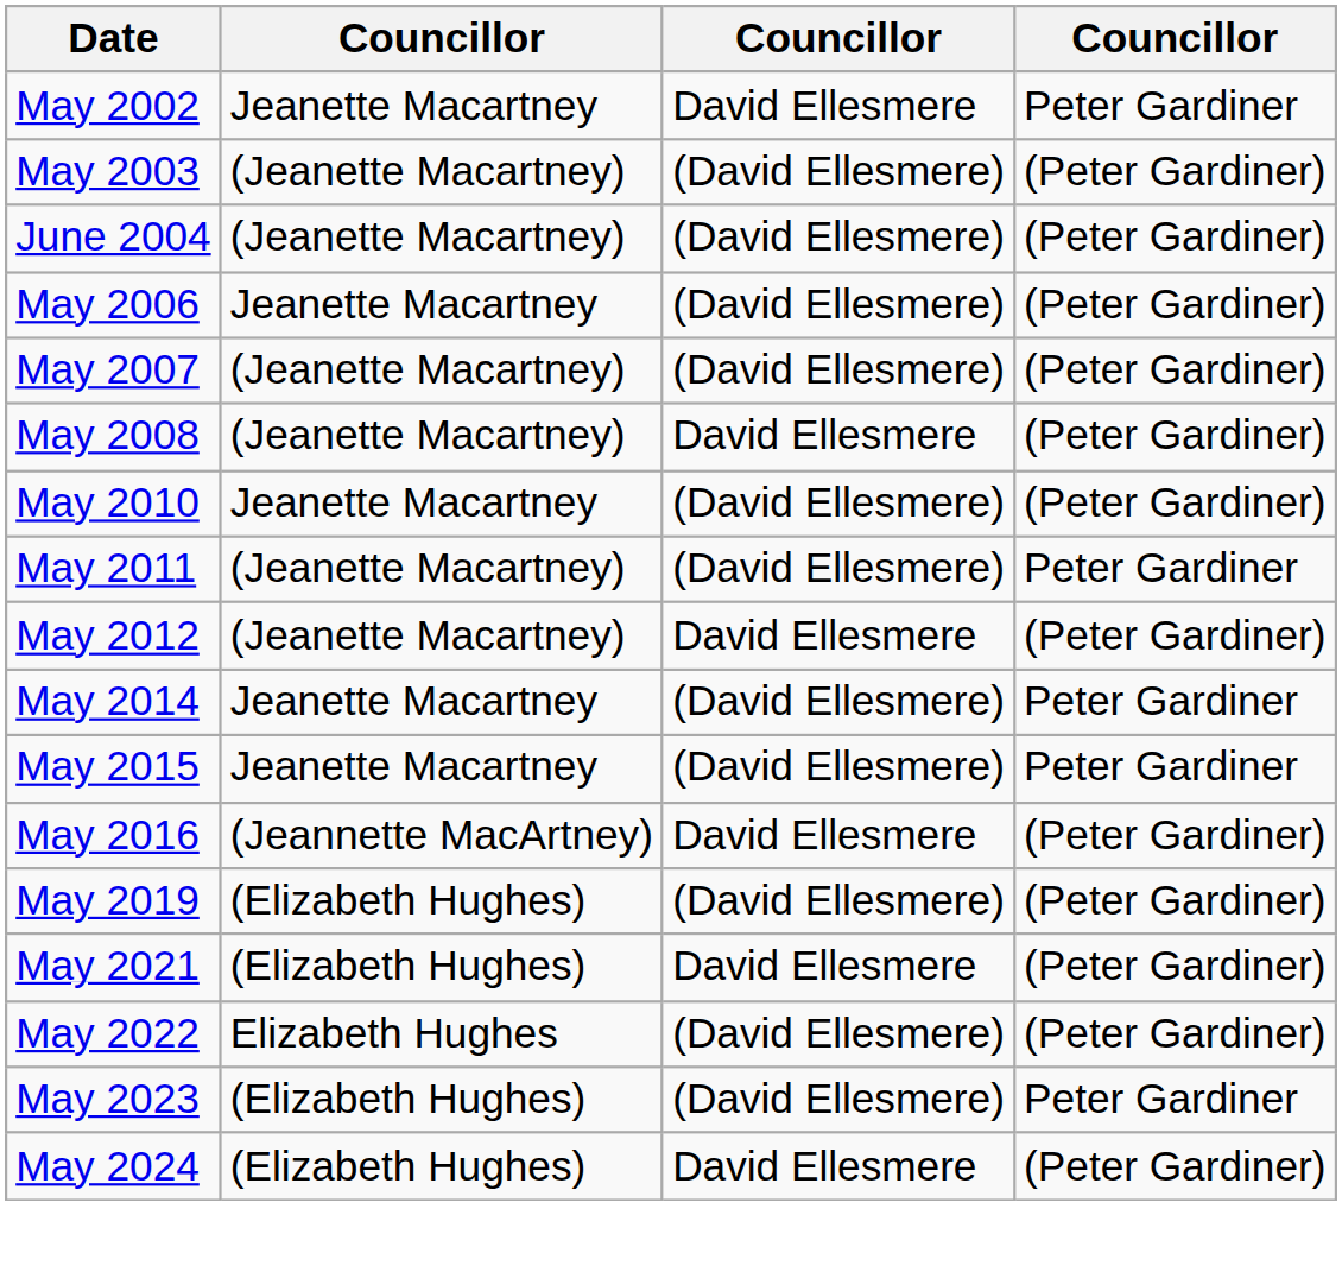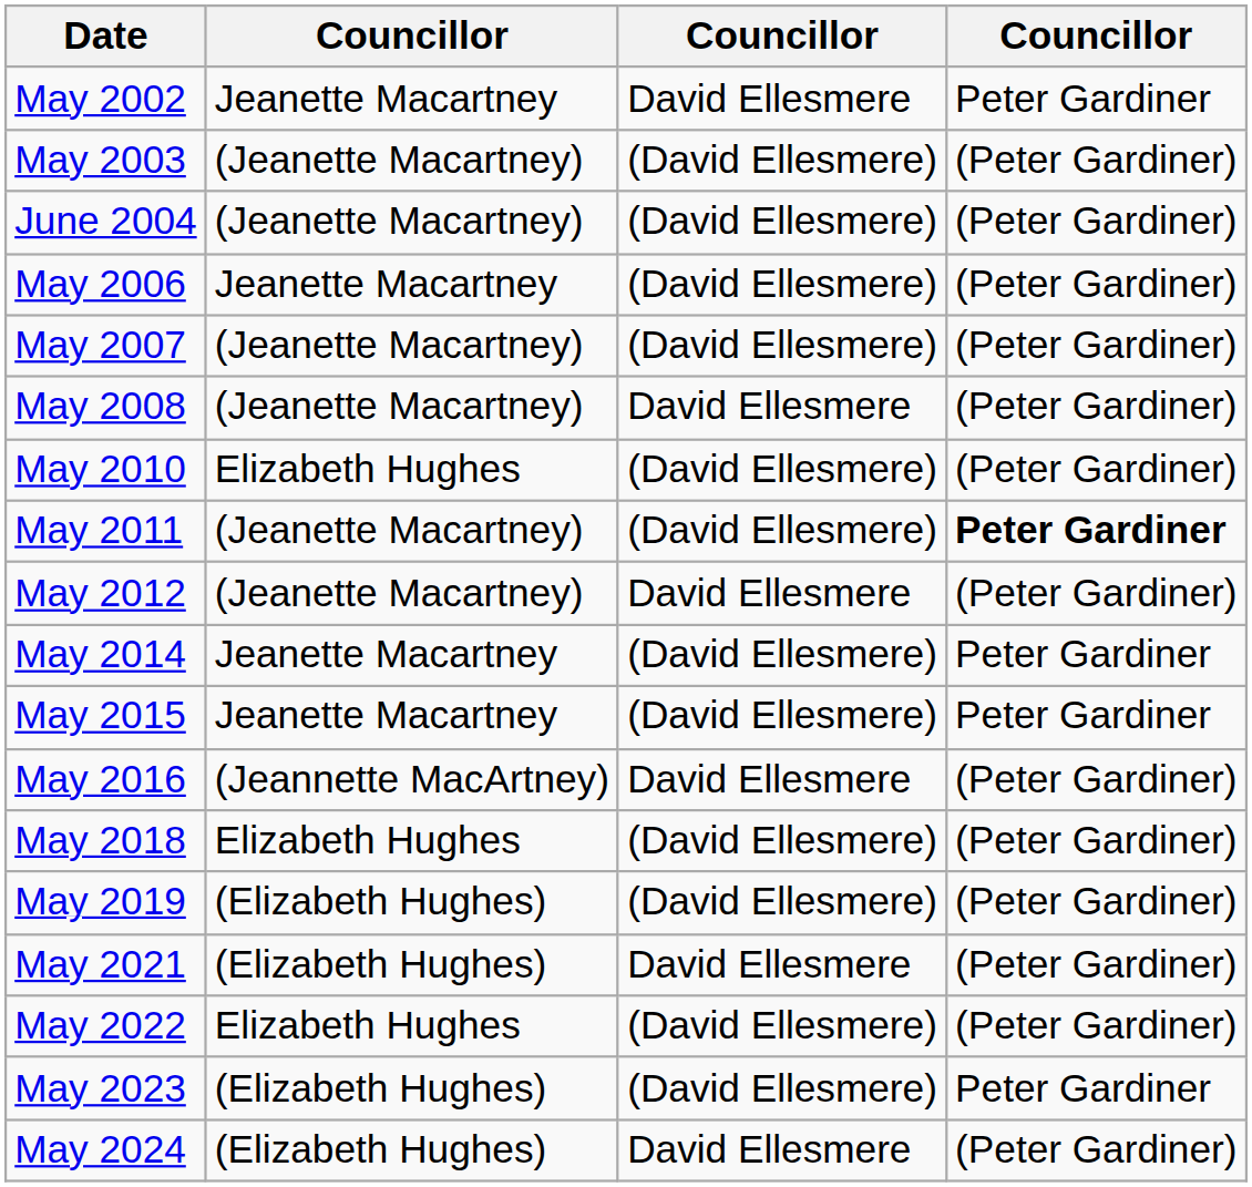 <table class="wikitable">
 <tr>
 <th>Date</th>
 <th>Councillor</th>
 <th>Councillor</th>
 <th>Councillor</th>
 </tr>
 <tr>
 <td><a href='#'>May 2002</a></td>
 <td ! style="background-color:">Jeanette Macartney</td>
 <td ! style="background-color:">David Ellesmere</td>
 <td ! style="background-color:">Peter Gardiner</td>
 </tr>
 <tr>
 <td><a href='#'>May 2003</a></td>
 <td ! style="background-color:">(Jeanette Macartney)</td>
 <td ! style="background-color:">(David Ellesmere)</td>
 <td ! style="background-color:">(Peter Gardiner)</td>
 </tr>
 <tr>
 <td><a href='#'>June 2004</a></td>
 <td ! style="background-color:">(Jeanette Macartney)</td>
 <td ! style="background-color:">(David Ellesmere)</td>
 <td ! style="background-color:">(Peter Gardiner)</td>
 </tr>
 <tr>
 <td><a href='#'>May 2006</a></td>
 <td ! style="background-color:">Jeanette Macartney</td>
 <td ! style="background-color:">(David Ellesmere)</td>
 <td ! style="background-color:">(Peter Gardiner)</td>
 </tr>
 <tr>
 <td><a href='#'>May 2007</a></td>
 <td ! style="background-color:">(Jeanette Macartney)</td>
 <td ! style="background-color:">(David Ellesmere)</td>
 <td ! style="background-color:">(Peter Gardiner)</td>
 </tr>
 <tr>
 <td><a href='#'>May 2008</a></td>
 <td ! style="background-color:">(Jeanette Macartney)</td>
 <td ! style="background-color:">David Ellesmere</td>
 <td ! style="background-color:">(Peter Gardiner)</td>
 </tr>
 <tr>
 <td><a href='#'>May 2010</a></td>
-<td ! style="background-color:">Jeanette Macartney</td>
+<td ! style="background-color:">Elizabeth Hughes</td>
 <td ! style="background-color:">(David Ellesmere)</td>
 <td ! style="background-color:">(Peter Gardiner)</td>
 </tr>
 <tr>
 <td><a href='#'>May 2011</a></td>
 <td ! style="background-color:">(Jeanette Macartney)</td>
 <td ! style="background-color:">(David Ellesmere)</td>
-<td ! style="background-color:">Peter Gardiner</td>
+<td ! style="background-color:"><strong>Peter Gardiner</strong></td>
 </tr>
 <tr>
 <td><a href='#'>May 2012</a></td>
 <td ! style="background-color:">(Jeanette Macartney)</td>
 <td ! style="background-color:">David Ellesmere</td>
 <td ! style="background-color:">(Peter Gardiner)</td>
 </tr>
 <tr>
 <td><a href='#'>May 2014</a></td>
 <td ! style="background-color:">Jeanette Macartney</td>
 <td ! style="background-color:">(David Ellesmere)</td>
 <td ! style="background-color:">Peter Gardiner</td>
 </tr>
 <tr>
 <td><a href='#'>May 2015</a></td>
 <td ! style="background-color:">Jeanette Macartney</td>
 <td ! style="background-color:">(David Ellesmere)</td>
 <td ! style="background-color:">Peter Gardiner</td>
 </tr>
 <tr>
 <td><a href='#'>May 2016</a></td>
 <td ! style="background-color:">(Jeannette MacArtney)</td>
 <td ! style="background-color:">David Ellesmere</td>
+<td ! style="background-color:">(Peter Gardiner)</td>
+</tr>
+<tr>
+<td><a href='#'>May 2018</a></td>
+<td ! style="background-color:">Elizabeth Hughes</td>
+<td ! style="background-color:">(David Ellesmere)</td>
 <td ! style="background-color:">(Peter Gardiner)</td>
 </tr>
 <tr>
 <td><a href='#'>May 2019</a></td>
 <td ! style="background-color:">(Elizabeth Hughes)</td>
 <td ! style="background-color:">(David Ellesmere)</td>
 <td ! style="background-color:">(Peter Gardiner)</td>
 </tr>
 <tr>
 <td><a href='#'>May 2021</a></td>
 <td ! style="background-color:">(Elizabeth Hughes)</td>
 <td ! style="background-color:">David Ellesmere</td>
 <td ! style="background-color:">(Peter Gardiner)</td>
 </tr>
 <tr>
 <td><a href='#'>May 2022</a></td>
 <td ! style="background-color:">Elizabeth Hughes</td>
 <td ! style="background-color:">(David Ellesmere)</td>
 <td ! style="background-color:">(Peter Gardiner)</td>
 </tr>
 <tr>
 <td><a href='#'>May 2023</a></td>
 <td ! style="background-color:">(Elizabeth Hughes)</td>
 <td ! style="background-color:">(David Ellesmere)</td>
 <td ! style="background-color:">Peter Gardiner</td>
 </tr>
 <tr>
 <td><a href='#'>May 2024</a></td>
 <td ! style="background-color:">(Elizabeth Hughes)</td>
 <td ! style="background-color:">David Ellesmere</td>
 <td ! style="background-color:">(Peter Gardiner)</td>
 </tr>
 </table>
